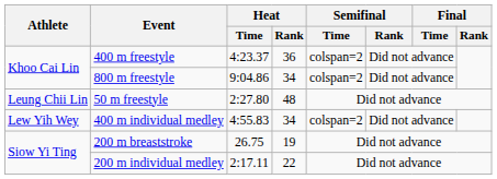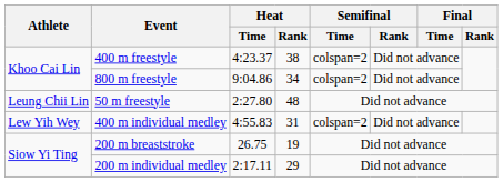 <table class=wikitable style="font-size:90%">
 <tr>
 <th rowspan="2">Athlete</th>
 <th rowspan="2">Event</th>
 <th colspan="2">Heat</th>
 <th colspan="2">Semifinal</th>
 <th colspan="2">Final</th>
 </tr>
 <tr style="font-size:95%">
 <th>Time</th>
 <th>Rank</th>
 <th>Time</th>
 <th>Rank</th>
 <th>Time</th>
 <th>Rank</th>
 </tr>
 <tr align=center>
 <td align=left rowspan=2><a href='#'>Khoo Cai Lin</a></td>
 <td align=left><a href='#'>400 m freestyle</a></td>
 <td>4:23.37</td>
-<td>36</td>
+<td>38</td>
 <td>colspan=2 </td>
 <td colspan=2>Did not advance</td>
 </tr>
 <tr align=center>
 <td align=left><a href='#'>800 m freestyle</a></td>
 <td>9:04.86</td>
 <td>34</td>
 <td>colspan=2 </td>
 <td colspan=2>Did not advance</td>
 </tr>
 <tr align=center>
 <td align=left><a href='#'>Leung Chii Lin</a></td>
 <td align=left><a href='#'>50 m freestyle</a></td>
 <td>2:27.80</td>
 <td>48</td>
 <td colspan=4>Did not advance</td>
 </tr>
 <tr align=center>
 <td align=left><a href='#'>Lew Yih Wey</a></td>
 <td align=left><a href='#'>400 m individual medley</a></td>
 <td>4:55.83</td>
-<td>34</td>
+<td>31</td>
 <td>colspan=2 </td>
 <td colspan=2>Did not advance</td>
 </tr>
 <tr align=center>
 <td align=left rowspan=2><a href='#'>Siow Yi Ting</a></td>
 <td align=left><a href='#'>200 m breaststroke</a></td>
 <td>26.75</td>
 <td>19</td>
 <td colspan=4>Did not advance</td>
 </tr>
 <tr align=center>
 <td align=left><a href='#'>200 m individual medley</a></td>
 <td>2:17.11</td>
-<td>22</td>
+<td>29</td>
 <td colspan=4>Did not advance</td>
 </tr>
 </table>
